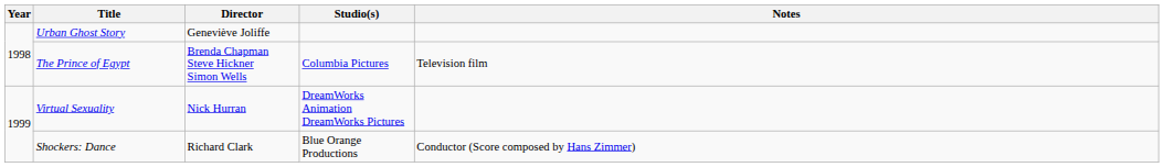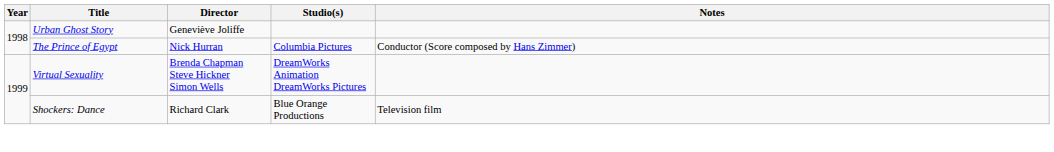 <table class="wikitable sortable" width=100%>
 <tr>
 <th width="30">Year</th>
 <th width="200">Title</th>
 <th width="150">Director</th>
 <th width="150">Studio(s)</th>
 <th>Notes</th>
 </tr>
 <tr>
 <td rowspan="2">1998</td>
 <td><em><a href='#'>Urban Ghost Story</a></em></td>
 <td>Geneviève Joliffe</td>
 <td></td>
 <td></td>
 </tr>
 <tr>
 <td><em><a href='#'>The Prince of Egypt</a></em></td>
-<td><a href='#'>Brenda Chapman</a><br><a href='#'>Steve Hickner</a><br><a href='#'>Simon Wells</a></td>
+<td><a href='#'>Nick Hurran</a></td>
 <td><a href='#'>Columbia Pictures</a></td>
-<td>Television film</td>
+<td>Conductor (Score composed by <a href='#'>Hans Zimmer</a>)</td>
 </tr>
 <tr>
 <td rowspan="2">1999</td>
 <td><em><a href='#'>Virtual Sexuality</a></em></td>
-<td><a href='#'>Nick Hurran</a></td>
+<td><a href='#'>Brenda Chapman</a><br><a href='#'>Steve Hickner</a><br><a href='#'>Simon Wells</a></td>
 <td><a href='#'>DreamWorks Animation</a><br><a href='#'>DreamWorks Pictures</a></td>
 <td></td>
 </tr>
 <tr>
 <td><em>Shockers: Dance</em></td>
 <td>Richard Clark</td>
 <td>Blue Orange Productions</td>
-<td>Conductor (Score composed by <a href='#'>Hans Zimmer</a>)</td>
+<td>Television film</td>
 </tr>
 </table>
